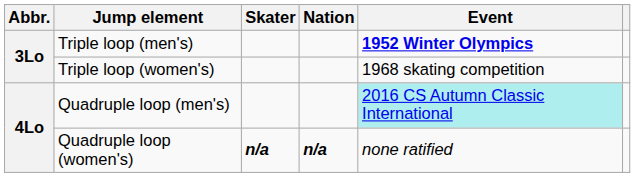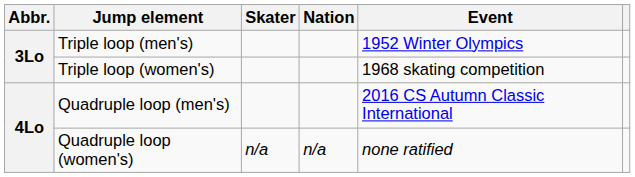 <table class="wikitable sortable">
 <tr>
 <th scope=col>Abbr.</th>
 <th scope=col>Jump element</th>
 <th scope=col>Skater</th>
 <th scope=col>Nation</th>
 <th scope=col>Event</th>
 <th scope=col class="unsortable"></th>
 </tr>
 <tr>
 <th scope=row rowspan=2>3Lo</th>
 <td>Triple loop (men's)</td>
 <td></td>
 <td></td>
-<td><strong><a href='#'>1952 Winter Olympics</a></strong></td>
+<td><a href='#'>1952 Winter Olympics</a></td>
 <td></td>
 </tr>
 <tr>
 <td>Triple loop (women's)</td>
 <td></td>
 <td></td>
 <td>1968 skating competition</td>
 <td></td>
 </tr>
 <tr>
 <th scope=row rowspan=2>4Lo</th>
 <td>Quadruple loop (men's)</td>
 <td></td>
 <td></td>
-<td style="background: paleturquoise;"><a href='#'>2016 CS Autumn Classic International</a></td>
+<td><a href='#'>2016 CS Autumn Classic International</a></td>
 <td></td>
 </tr>
 <tr>
 <td>Quadruple loop (women's)</td>
-<td><strong><em>n/a</em></strong></td>
-<td><strong><em>n/a</em></strong></td>
+<td><em>n/a</em></td>
+<td><em>n/a</em></td>
 <td><em>none ratified</em></td>
 <td></td>
 </tr>
 </table>
